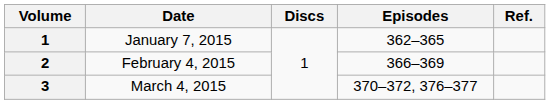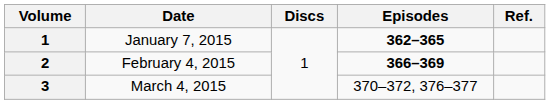 <table class="wikitable" style="text-align:center;">
 <tr>
 <th scope="col" style="width:5em;">Volume</th>
 <th scope="col" style="width:12em;">Date</th>
 <th scope="col" style="width:4em;">Discs</th>
 <th scope="col" style="width:10em;">Episodes</th>
 <th scope="col" style="width:3em;">Ref.</th>
 </tr>
 <tr>
 <th scope="row">1</th>
 <td>January 7, 2015</td>
 <td rowspan="3">1</td>
-<td>362–365</td>
+<td><strong>362–365</strong></td>
 <td></td>
 </tr>
 <tr>
 <th scope="row">2</th>
 <td>February 4, 2015</td>
-<td>366–369</td>
+<td><strong>366–369</strong></td>
 <td></td>
 </tr>
 <tr>
 <th scope="row">3</th>
 <td>March 4, 2015</td>
 <td>370–372, 376–377</td>
 <td></td>
 </tr>
 </table>
